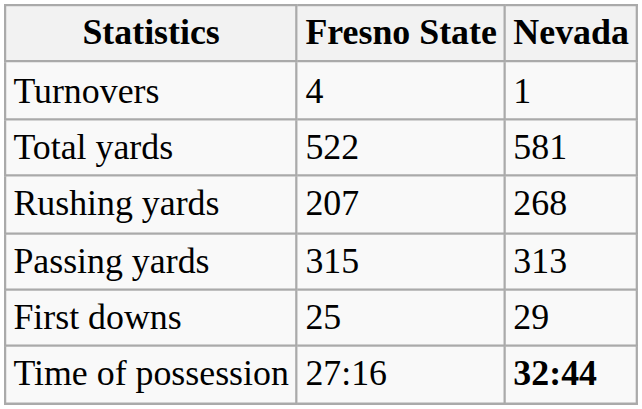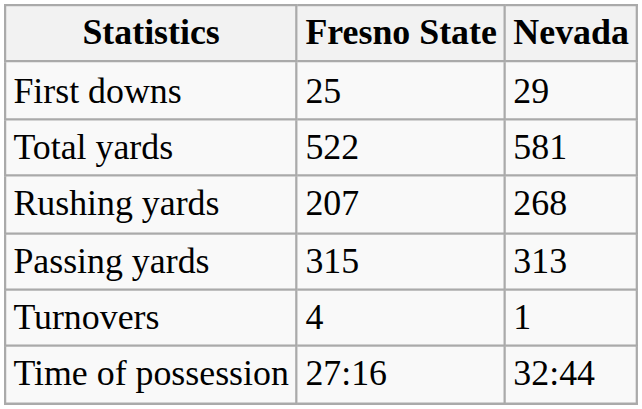 <table class="wikitable">
 <tr>
 <th>Statistics</th>
 <th>Fresno State</th>
 <th>Nevada</th>
 </tr>
 <tr>
-<td>Turnovers</td>
-<td>4</td>
-<td>1</td>
+<td>First downs</td>
+<td>25</td>
+<td>29</td>
 </tr>
 <tr>
 <td>Total yards</td>
 <td>522</td>
 <td>581</td>
 </tr>
 <tr>
 <td>Rushing yards</td>
 <td>207</td>
 <td>268</td>
 </tr>
 <tr>
 <td>Passing yards</td>
 <td>315</td>
 <td>313</td>
 </tr>
 <tr>
-<td>First downs</td>
-<td>25</td>
-<td>29</td>
+<td>Turnovers</td>
+<td>4</td>
+<td>1</td>
 </tr>
 <tr>
 <td>Time of possession</td>
 <td>27:16</td>
-<td><strong>32:44</strong></td>
+<td>32:44</td>
 </tr>
 <tr>
 </tr>
 </table>
